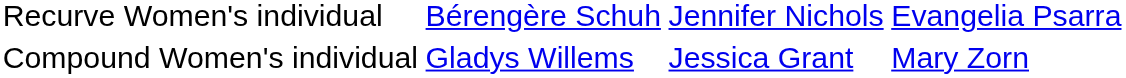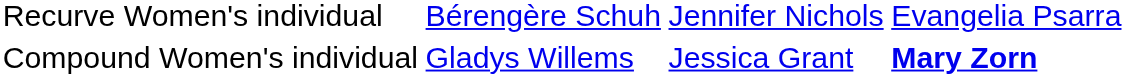 <table>
 <tr>
 <td>Recurve Women's individual<br></td>
 <td> <a href='#'>Bérengère Schuh</a></td>
 <td> <a href='#'>Jennifer Nichols</a></td>
 <td> <a href='#'>Evangelia Psarra</a></td>
 </tr>
 <tr>
 <td>Compound Women's individual<br></td>
 <td> <a href='#'>Gladys Willems</a></td>
 <td> <a href='#'>Jessica Grant</a></td>
-<td> <a href='#'>Mary Zorn</a></td>
+<td><strong> <a href='#'>Mary Zorn</a></strong></td>
 </tr>
 </table>
